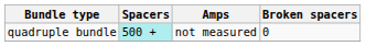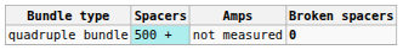 <table class="wikitable">
 <tr>
 <th>Bundle type</th>
 <th>Spacers</th>
 <th>Amps</th>
 <th>Broken spacers</th>
 </tr>
 <tr>
 <td>quadruple bundle</td>
 <td style="background: paleturquoise;">500 +</td>
 <td>not measured</td>
-<td>0</td>
+<td><strong>0</strong></td>
 </tr>
 <tr>
 </tr>
 </table>
